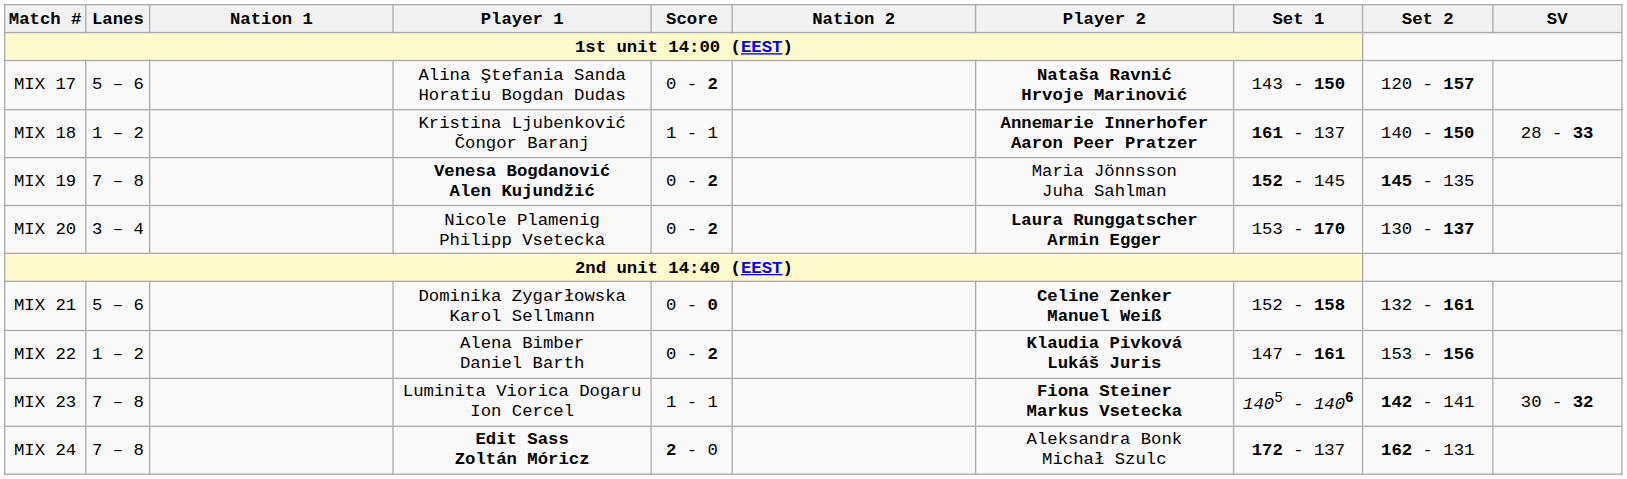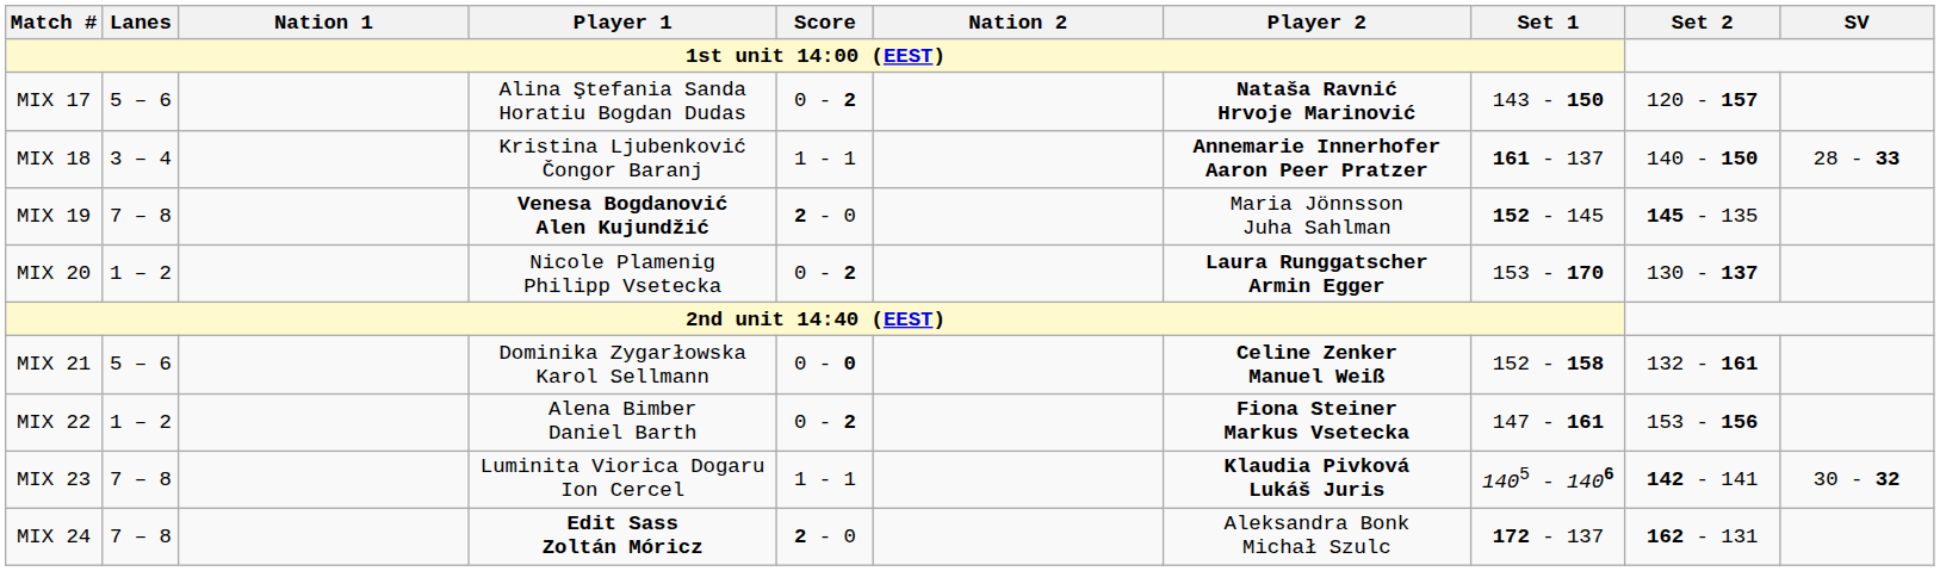 <table class="wikitable">
 <tr>
 <th width="5%">Match #</th>
 <th width="4%">Lanes</th>
 <th width="15%">Nation 1</th>
 <th width="16%">Player 1</th>
 <th width="5%">Score</th>
 <th width="15%">Nation 2</th>
 <th width="16%">Player 2</th>
 <th width="8%">Set 1</th>
 <th width="8%">Set 2</th>
 <th width="8%">SV</th>
 </tr>
 <tr>
 <td colspan="8" style="text-align:center; background-color:#FFFACD"><strong>1st unit 14:00 (<a href='#'>EEST</a>)</strong></td>
 </tr>
 <tr style=text-align:center;"background:#;">
 <td>MIX 17</td>
 <td>5 – 6</td>
 <td></td>
 <td>Alina Ştefania Sanda <br> Horatiu Bogdan Dudas</td>
 <td>0 - <strong>2</strong></td>
 <td></td>
 <td><strong>Nataša Ravnić <br> Hrvoje Marinović</strong></td>
 <td>143 - <strong>150</strong></td>
 <td>120 - <strong>157</strong></td>
 <td></td>
 </tr>
 <tr style=text-align:center;"background:#;">
 <td>MIX 18</td>
-<td>1 – 2</td>
+<td>3 – 4</td>
 <td></td>
 <td>Kristina Ljubenković <br> Čongor Baranj</td>
 <td>1 - 1</td>
 <td></td>
 <td><strong>Annemarie Innerhofer <br> Aaron Peer Pratzer</strong></td>
 <td><strong>161</strong> - 137</td>
 <td>140 - <strong>150</strong></td>
 <td>28 - <strong>33</strong></td>
 </tr>
 <tr style=text-align:center;"background:#;">
 <td>MIX 19</td>
 <td>7 – 8</td>
 <td></td>
 <td><strong>Venesa Bogdanović <br> Alen Kujundžić</strong></td>
-<td>0 - <strong>2</strong></td>
+<td><strong>2</strong> - 0</td>
 <td></td>
 <td>Maria Jönnsson <br> Juha Sahlman</td>
 <td><strong>152</strong> - 145</td>
 <td><strong>145</strong> - 135</td>
 <td></td>
 </tr>
 <tr style=text-align:center;"background:#;">
 <td>MIX 20</td>
-<td>3 – 4</td>
+<td>1 – 2</td>
 <td></td>
 <td>Nicole Plamenig <br> Philipp Vsetecka</td>
 <td>0 - <strong>2</strong></td>
 <td></td>
 <td><strong>Laura Runggatscher <br> Armin Egger</strong></td>
 <td>153 - <strong>170</strong></td>
 <td>130 - <strong>137</strong></td>
 <td></td>
 </tr>
 <tr>
 <td colspan="8" style="text-align:center; background-color:#FFFACD"><strong>2nd unit 14:40 (<a href='#'>EEST</a>)</strong></td>
 </tr>
 <tr style=text-align:center;"background:#;">
 <td>MIX 21</td>
 <td>5 – 6</td>
 <td></td>
 <td>Dominika Zygarłowska <br> Karol Sellmann</td>
 <td>0 - <strong>0</strong></td>
 <td></td>
 <td><strong>Celine Zenker <br> Manuel Weiß</strong></td>
 <td>152 - <strong>158</strong></td>
 <td>132 - <strong>161</strong></td>
 <td></td>
 </tr>
 <tr style=text-align:center;"background:#;">
 <td>MIX 22</td>
 <td>1 – 2</td>
 <td></td>
 <td>Alena Bimber <br> Daniel Barth</td>
 <td>0 - <strong>2</strong></td>
 <td></td>
-<td><strong>Klaudia Pivková <br> Lukáš Juris</strong></td>
+<td><strong>Fiona Steiner <br> Markus Vsetecka</strong></td>
 <td>147 - <strong>161</strong></td>
 <td>153 - <strong>156</strong></td>
 <td></td>
 </tr>
 <tr style=text-align:center;"background:#;">
 <td>MIX 23</td>
 <td>7 – 8</td>
 <td></td>
 <td>Luminita Viorica Dogaru <br> Ion Cercel</td>
 <td>1 - 1</td>
 <td></td>
-<td><strong>Fiona Steiner <br> Markus Vsetecka</strong></td>
+<td><strong>Klaudia Pivková <br> Lukáš Juris</strong></td>
 <td><em>140</em><sup>5</sup> - <em>140</em><sup><strong>6</strong></sup></td>
 <td><strong>142</strong> - 141</td>
 <td>30 - <strong>32</strong></td>
 </tr>
 <tr style=text-align:center;"background:#;">
 <td>MIX 24</td>
 <td>7 – 8</td>
 <td></td>
 <td><strong>Edit Sass <br> Zoltán Móricz</strong></td>
 <td><strong>2</strong> - 0</td>
 <td></td>
 <td>Aleksandra Bonk <br> Michał Szulc</td>
 <td><strong>172</strong> - 137</td>
 <td><strong>162</strong> - 131</td>
 <td></td>
 </tr>
 </table>
